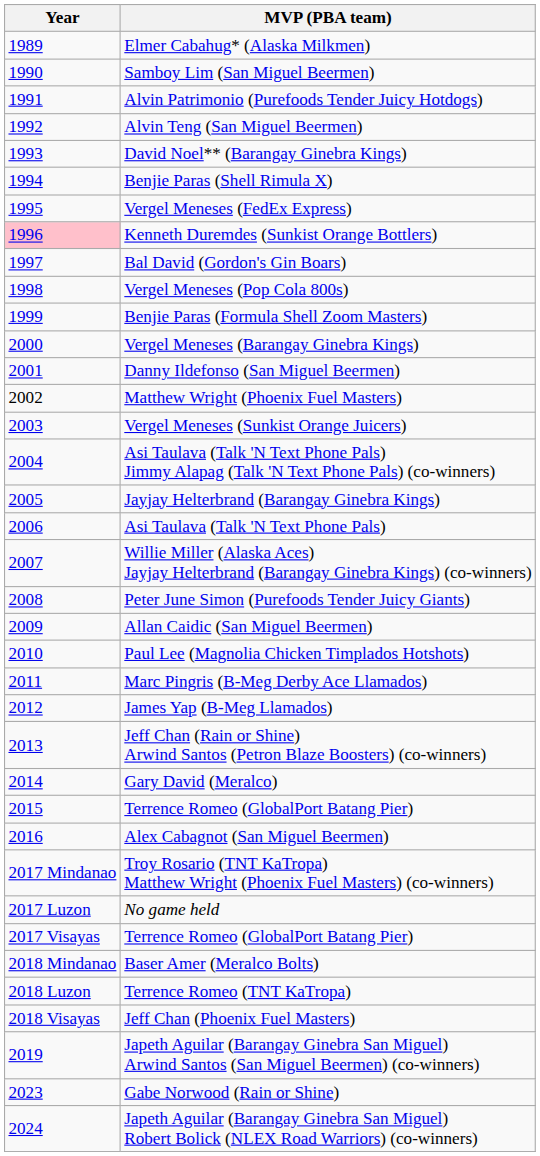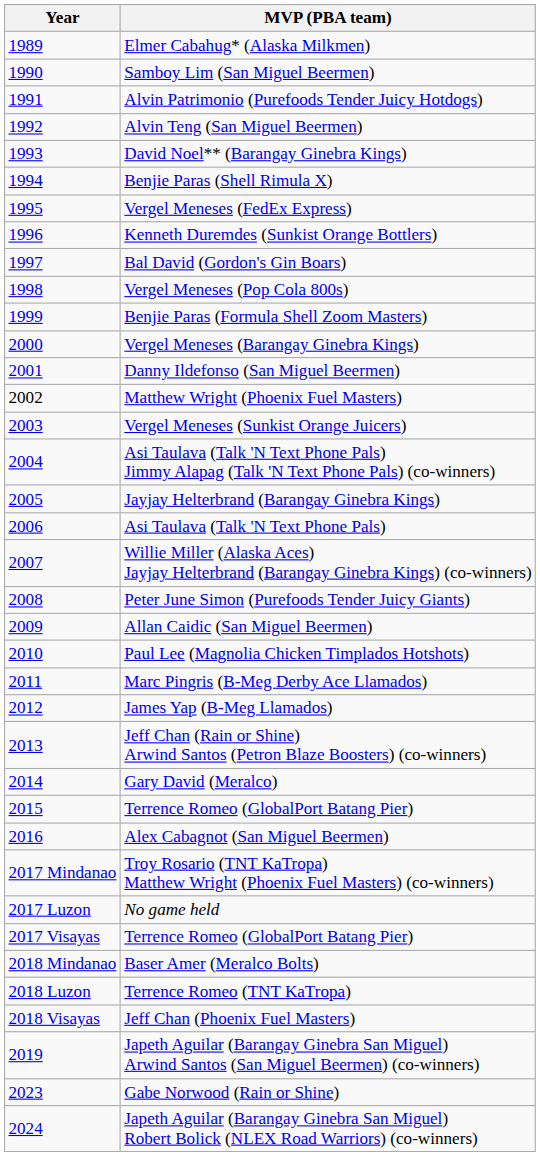 <table class="wikitable sortable">
 <tr>
 <th>Year</th>
 <th>MVP (PBA team)</th>
 </tr>
 <tr>
 <td><a href='#'>1989</a></td>
 <td><a href='#'>Elmer Cabahug</a>* (<a href='#'>Alaska Milkmen</a>)</td>
 </tr>
 <tr>
 <td><a href='#'>1990</a></td>
 <td><a href='#'>Samboy Lim</a> (<a href='#'>San Miguel Beermen</a>)</td>
 </tr>
 <tr>
 <td><a href='#'>1991</a></td>
 <td><a href='#'>Alvin Patrimonio</a> (<a href='#'>Purefoods Tender Juicy Hotdogs</a>)</td>
 </tr>
 <tr>
 <td><a href='#'>1992</a></td>
 <td><a href='#'>Alvin Teng</a> (<a href='#'>San Miguel Beermen</a>)</td>
 </tr>
 <tr>
 <td><a href='#'>1993</a></td>
 <td><a href='#'>David Noel</a>** (<a href='#'>Barangay Ginebra Kings</a>)</td>
 </tr>
 <tr>
 <td><a href='#'>1994</a></td>
 <td><a href='#'>Benjie Paras</a> (<a href='#'>Shell Rimula X</a>)</td>
 </tr>
 <tr>
 <td><a href='#'>1995</a></td>
 <td><a href='#'>Vergel Meneses</a> (<a href='#'>FedEx Express</a>)</td>
 </tr>
 <tr>
-<td style="background: pink;"><a href='#'>1996</a></td>
+<td><a href='#'>1996</a></td>
 <td><a href='#'>Kenneth Duremdes</a> (<a href='#'>Sunkist Orange Bottlers</a>)</td>
 </tr>
 <tr>
 <td><a href='#'>1997</a></td>
 <td><a href='#'>Bal David</a> (<a href='#'>Gordon's Gin Boars</a>)</td>
 </tr>
 <tr>
 <td><a href='#'>1998</a></td>
 <td><a href='#'>Vergel Meneses</a> (<a href='#'>Pop Cola 800s</a>)</td>
 </tr>
 <tr>
 <td><a href='#'>1999</a></td>
 <td><a href='#'>Benjie Paras</a> (<a href='#'>Formula Shell Zoom Masters</a>)</td>
 </tr>
 <tr>
 <td><a href='#'>2000</a></td>
 <td><a href='#'>Vergel Meneses</a> (<a href='#'>Barangay Ginebra Kings</a>)</td>
 </tr>
 <tr>
 <td><a href='#'>2001</a></td>
 <td><a href='#'>Danny Ildefonso</a> (<a href='#'>San Miguel Beermen</a>)</td>
 </tr>
 <tr>
 <td>2002</td>
 <td><a href='#'>Matthew Wright</a> (<a href='#'>Phoenix Fuel Masters</a>)</td>
 </tr>
 <tr>
 <td><a href='#'>2003</a></td>
 <td><a href='#'>Vergel Meneses</a> (<a href='#'>Sunkist Orange Juicers</a>)</td>
 </tr>
 <tr>
 <td><a href='#'>2004</a></td>
 <td><a href='#'>Asi Taulava</a> (<a href='#'>Talk 'N Text Phone Pals</a>)<br><a href='#'>Jimmy Alapag</a> (<a href='#'>Talk 'N Text Phone Pals</a>) (co-winners)</td>
 </tr>
 <tr>
 <td><a href='#'>2005</a></td>
 <td><a href='#'>Jayjay Helterbrand</a> (<a href='#'>Barangay Ginebra Kings</a>)</td>
 </tr>
 <tr>
 <td><a href='#'>2006</a></td>
 <td><a href='#'>Asi Taulava</a> (<a href='#'>Talk 'N Text Phone Pals</a>)</td>
 </tr>
 <tr>
 <td><a href='#'>2007</a></td>
 <td><a href='#'>Willie Miller</a> (<a href='#'>Alaska Aces</a>)<br> <a href='#'>Jayjay Helterbrand</a> (<a href='#'>Barangay Ginebra Kings</a>) (co-winners)</td>
 </tr>
 <tr>
 <td><a href='#'>2008</a></td>
 <td><a href='#'>Peter June Simon</a> (<a href='#'>Purefoods Tender Juicy Giants</a>)</td>
 </tr>
 <tr>
 <td><a href='#'>2009</a></td>
 <td><a href='#'>Allan Caidic</a> (<a href='#'>San Miguel Beermen</a>)</td>
 </tr>
 <tr>
 <td><a href='#'>2010</a></td>
 <td><a href='#'>Paul Lee</a> (<a href='#'>Magnolia Chicken Timplados Hotshots</a>)</td>
 </tr>
 <tr>
 <td><a href='#'>2011</a></td>
 <td><a href='#'>Marc Pingris</a> (<a href='#'>B-Meg Derby Ace Llamados</a>)</td>
 </tr>
 <tr>
 <td><a href='#'>2012</a></td>
 <td><a href='#'>James Yap</a> (<a href='#'>B-Meg Llamados</a>)</td>
 </tr>
 <tr>
 <td><a href='#'>2013</a></td>
 <td><a href='#'>Jeff Chan</a> (<a href='#'>Rain or Shine</a>)<br> <a href='#'>Arwind Santos</a> (<a href='#'>Petron Blaze Boosters</a>) (co-winners)</td>
 </tr>
 <tr>
 <td><a href='#'>2014</a></td>
 <td><a href='#'>Gary David</a> (<a href='#'>Meralco</a>)</td>
 </tr>
 <tr>
 <td><a href='#'>2015</a></td>
 <td><a href='#'>Terrence Romeo</a> (<a href='#'>GlobalPort Batang Pier</a>)</td>
 </tr>
 <tr>
 <td><a href='#'>2016</a></td>
 <td><a href='#'>Alex Cabagnot</a> (<a href='#'>San Miguel Beermen</a>)</td>
 </tr>
 <tr>
 <td><a href='#'>2017 Mindanao</a></td>
 <td><a href='#'>Troy Rosario</a> (<a href='#'>TNT KaTropa</a>) <br> <a href='#'>Matthew Wright</a> (<a href='#'>Phoenix Fuel Masters</a>) (co-winners)</td>
 </tr>
 <tr>
 <td><a href='#'>2017 Luzon</a></td>
 <td><em>No game held</em></td>
 </tr>
 <tr>
 <td><a href='#'>2017 Visayas</a></td>
 <td><a href='#'>Terrence Romeo</a> (<a href='#'>GlobalPort Batang Pier</a>)</td>
 </tr>
 <tr>
 <td><a href='#'>2018 Mindanao</a></td>
 <td><a href='#'>Baser Amer</a> (<a href='#'>Meralco Bolts</a>)</td>
 </tr>
 <tr>
 <td><a href='#'>2018 Luzon</a></td>
 <td><a href='#'>Terrence Romeo</a> (<a href='#'>TNT KaTropa</a>)</td>
 </tr>
 <tr>
 <td><a href='#'>2018 Visayas</a></td>
 <td><a href='#'>Jeff Chan</a> (<a href='#'>Phoenix Fuel Masters</a>)</td>
 </tr>
 <tr>
 <td><a href='#'>2019</a></td>
 <td><a href='#'>Japeth Aguilar</a> (<a href='#'>Barangay Ginebra San Miguel</a>)<br> <a href='#'>Arwind Santos</a> (<a href='#'>San Miguel Beermen</a>) (co-winners)</td>
 </tr>
 <tr>
 <td><a href='#'>2023</a></td>
 <td><a href='#'>Gabe Norwood</a> (<a href='#'>Rain or Shine</a>)</td>
 </tr>
 <tr>
 <td><a href='#'>2024</a></td>
 <td><a href='#'>Japeth Aguilar</a> (<a href='#'>Barangay Ginebra San Miguel</a>)<br> <a href='#'>Robert Bolick</a> (<a href='#'>NLEX Road Warriors</a>) (co-winners)</td>
 </tr>
 </table>
